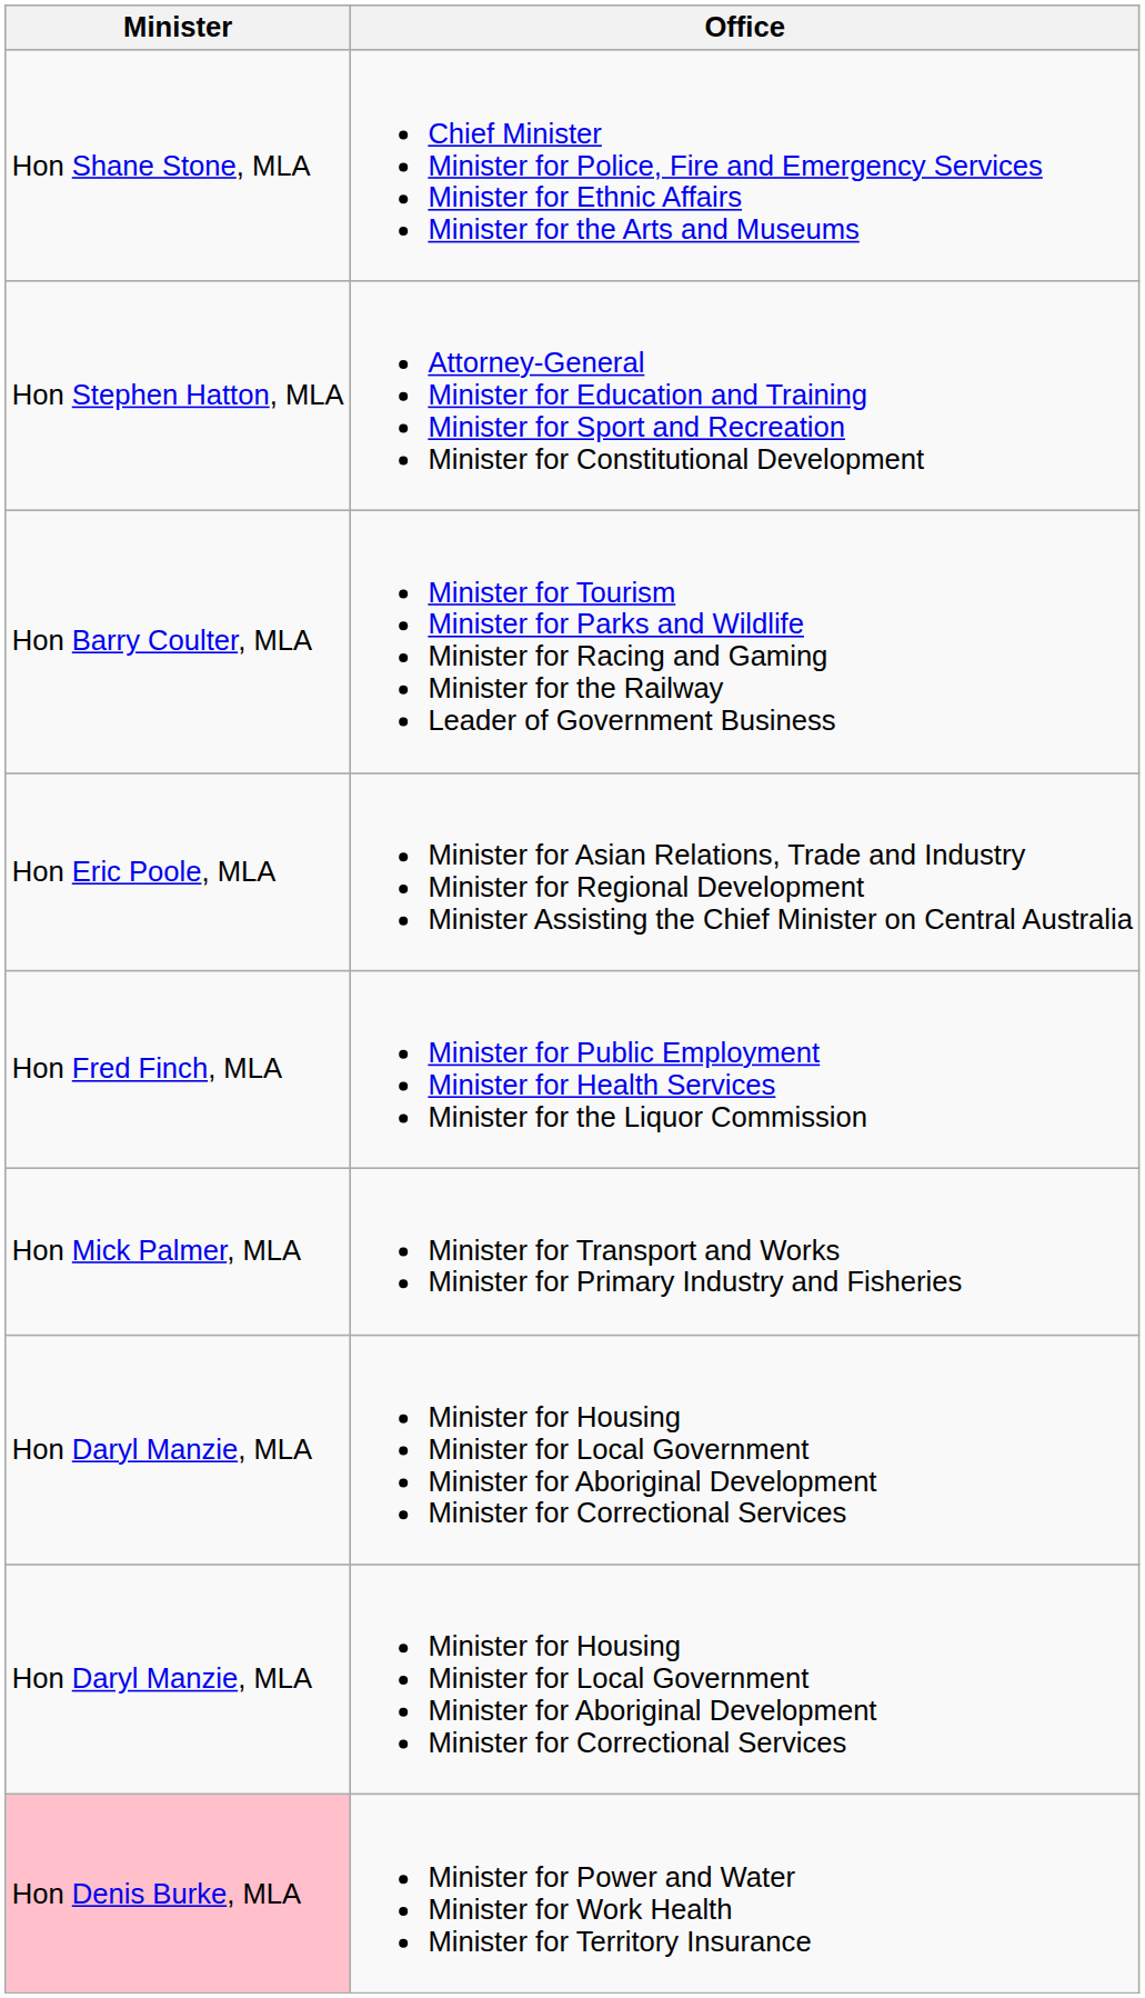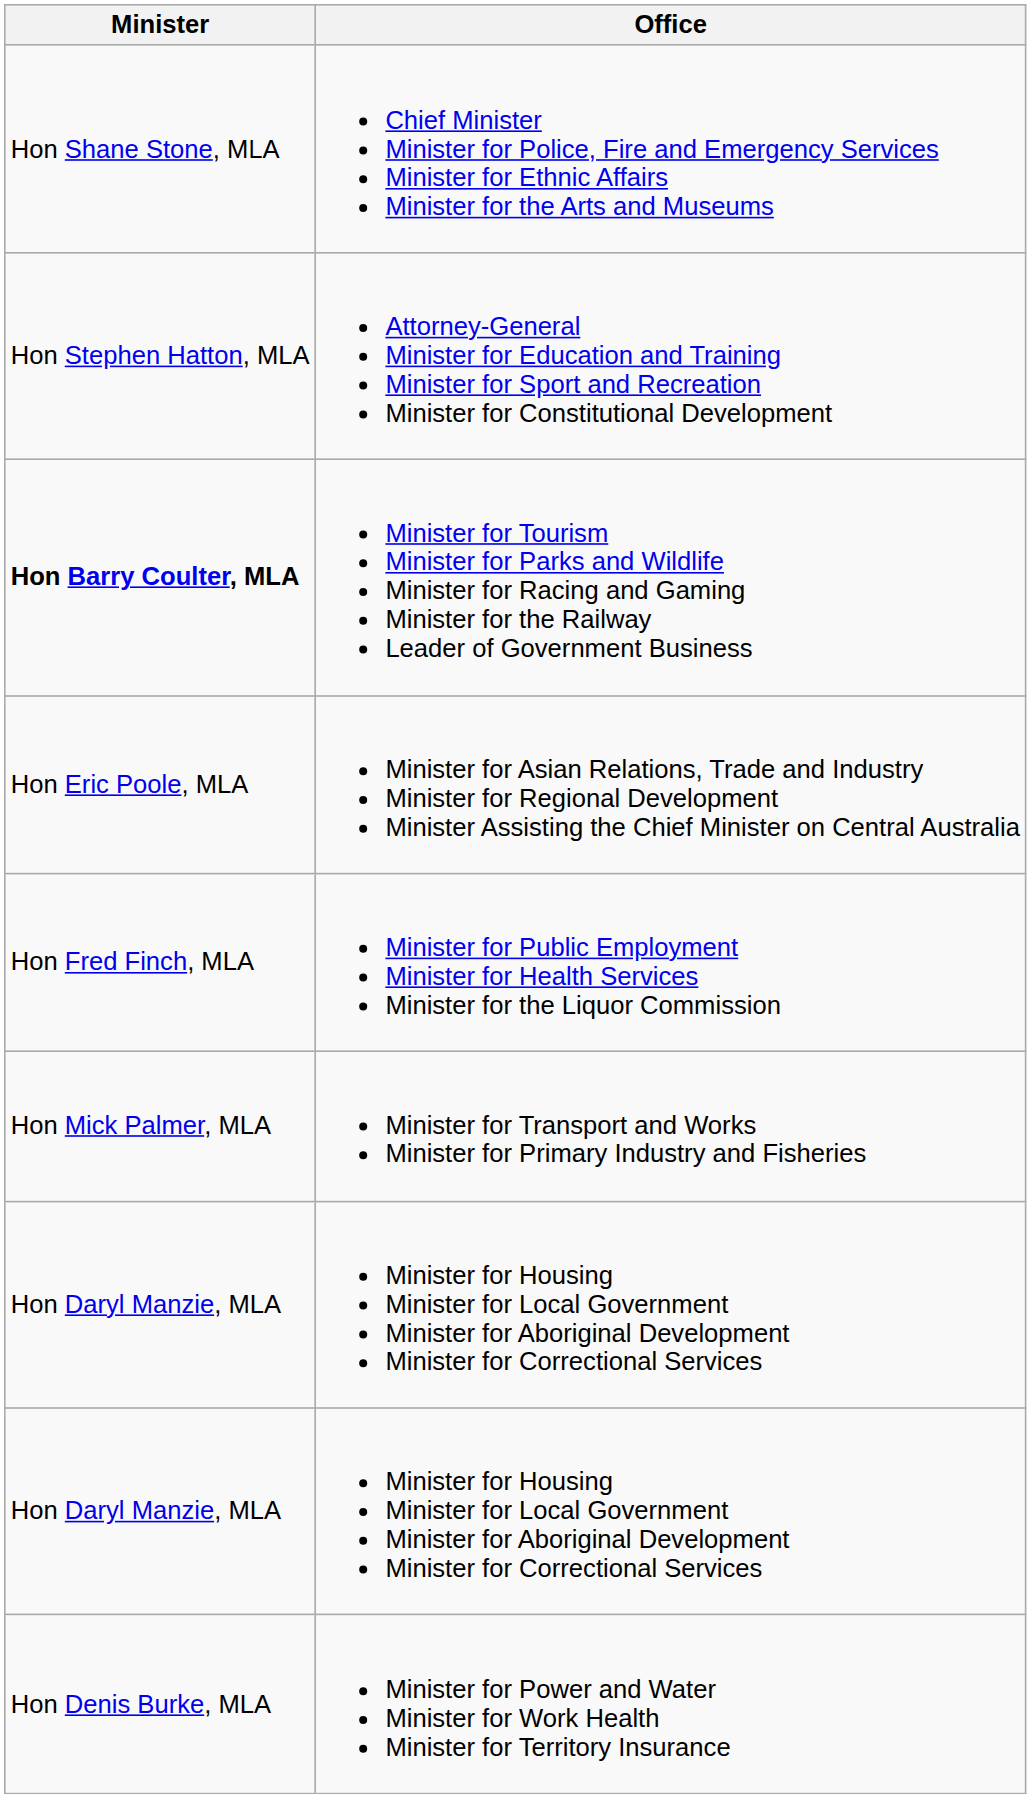 <table class="wikitable">
 <tr>
 <th>Minister</th>
 <th>Office</th>
 </tr>
 <tr>
 <td>Hon <a href='#'>Shane Stone</a>, MLA</td>
 <td><br><ul><li><a href='#'>Chief Minister</a></li><li><a href='#'>Minister for Police, Fire and Emergency Services</a></li><li><a href='#'>Minister for Ethnic Affairs</a></li><li><a href='#'>Minister for the Arts and Museums</a></li></ul></td>
 </tr>
 <tr>
 <td>Hon <a href='#'>Stephen Hatton</a>, MLA</td>
 <td><br><ul><li><a href='#'>Attorney-General</a></li><li><a href='#'>Minister for Education and Training</a></li><li><a href='#'>Minister for Sport and Recreation</a></li><li>Minister for Constitutional Development</li></ul></td>
 </tr>
 <tr>
-<td>Hon <a href='#'>Barry Coulter</a>, MLA</td>
+<td><strong>Hon <a href='#'>Barry Coulter</a>, MLA</strong></td>
 <td><br><ul><li><a href='#'>Minister for Tourism</a></li><li><a href='#'>Minister for Parks and Wildlife</a></li><li>Minister for Racing and Gaming</li><li>Minister for the Railway</li><li>Leader of Government Business</li></ul></td>
 </tr>
 <tr>
 <td>Hon <a href='#'>Eric Poole</a>, MLA</td>
 <td><br><ul><li>Minister for Asian Relations, Trade and Industry</li><li>Minister for Regional Development</li><li>Minister Assisting the Chief Minister on Central Australia</li></ul></td>
 </tr>
 <tr>
 <td>Hon <a href='#'>Fred Finch</a>, MLA</td>
 <td><br><ul><li><a href='#'>Minister for Public Employment</a></li><li><a href='#'>Minister for Health Services</a></li><li>Minister for the Liquor Commission</li></ul></td>
 </tr>
 <tr>
 <td>Hon <a href='#'>Mick Palmer</a>, MLA</td>
 <td><br><ul><li>Minister for Transport and Works</li><li>Minister for Primary Industry and Fisheries</li></ul></td>
 </tr>
 <tr>
 <td>Hon <a href='#'>Daryl Manzie</a>, MLA</td>
 <td><br><ul><li>Minister for Housing</li><li>Minister for Local Government</li><li>Minister for Aboriginal Development</li><li>Minister for Correctional Services</li></ul></td>
 </tr>
 <tr>
 <td>Hon <a href='#'>Daryl Manzie</a>, MLA</td>
 <td><br><ul><li>Minister for Housing</li><li>Minister for Local Government</li><li>Minister for Aboriginal Development</li><li>Minister for Correctional Services</li></ul></td>
 </tr>
 <tr>
-<td style="background: pink;">Hon <a href='#'>Denis Burke</a>, MLA</td>
+<td>Hon <a href='#'>Denis Burke</a>, MLA</td>
 <td><br><ul><li>Minister for Power and Water</li><li>Minister for Work Health</li><li>Minister for Territory Insurance</li></ul></td>
 </tr>
 </table>
